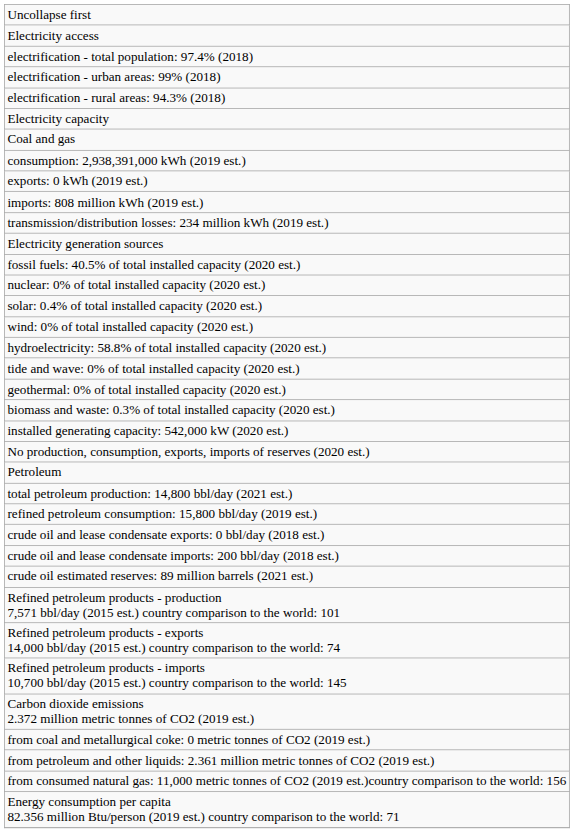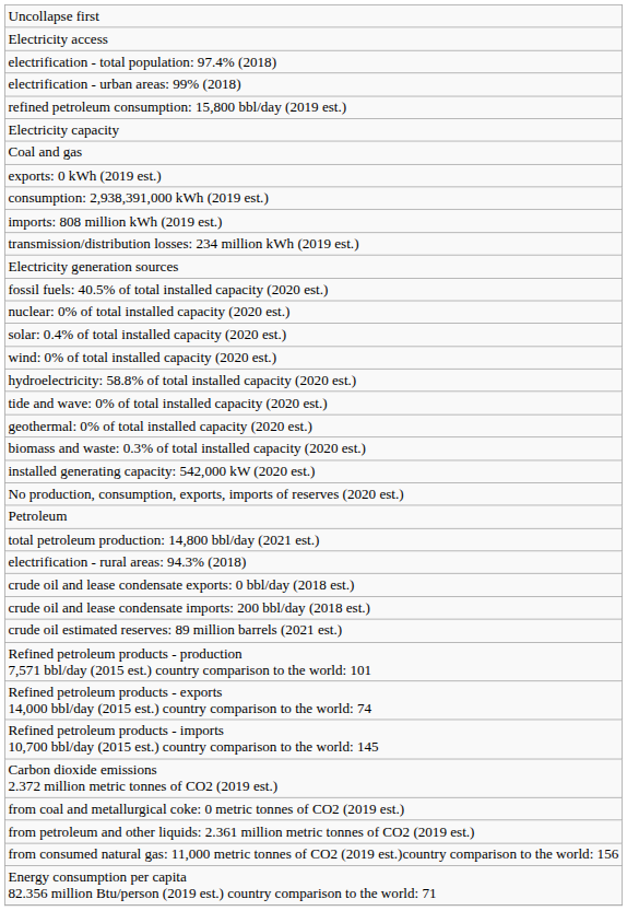 <table class="wikitable sortable mw-collapsible mw-collapsed">
 <tr>
 <td>Uncollapse first</td>
 </tr>
 <tr>
 <td>Electricity access</td>
 </tr>
 <tr>
 <td>electrification - total population: 97.4% (2018)</td>
 </tr>
 <tr>
 <td>electrification - urban areas: 99% (2018)</td>
 </tr>
 <tr>
-<td>electrification - rural areas: 94.3% (2018)</td>
+<td>refined petroleum consumption: 15,800 bbl/day (2019 est.)</td>
 </tr>
 <tr>
 <td>Electricity capacity</td>
 </tr>
 <tr>
 <td>Coal and gas</td>
 </tr>
 <tr>
-<td>consumption: 2,938,391,000 kWh (2019 est.)</td>
+<td>exports: 0 kWh (2019 est.)</td>
 </tr>
 <tr>
-<td>exports: 0 kWh (2019 est.)</td>
+<td>consumption: 2,938,391,000 kWh (2019 est.)</td>
 </tr>
 <tr>
 <td>imports: 808 million kWh (2019 est.)</td>
 </tr>
 <tr>
 <td>transmission/distribution losses: 234 million kWh (2019 est.)</td>
 </tr>
 <tr>
 <td>Electricity generation sources</td>
 </tr>
 <tr>
 <td>fossil fuels: 40.5% of total installed capacity (2020 est.)</td>
 </tr>
 <tr>
 <td>nuclear: 0% of total installed capacity (2020 est.)</td>
 </tr>
 <tr>
 <td>solar: 0.4% of total installed capacity (2020 est.)</td>
 </tr>
 <tr>
 <td>wind: 0% of total installed capacity (2020 est.)</td>
 </tr>
 <tr>
 <td>hydroelectricity: 58.8% of total installed capacity (2020 est.)</td>
 </tr>
 <tr>
 <td>tide and wave: 0% of total installed capacity (2020 est.)</td>
 </tr>
 <tr>
 <td>geothermal: 0% of total installed capacity (2020 est.)</td>
 </tr>
 <tr>
 <td>biomass and waste: 0.3% of total installed capacity (2020 est.)</td>
 </tr>
 <tr>
 <td>installed generating capacity: 542,000 kW (2020 est.)</td>
 </tr>
 <tr>
 <td>No production, consumption, exports, imports of reserves (2020 est.)</td>
 </tr>
 <tr>
 <td>Petroleum</td>
 </tr>
 <tr>
 <td>total petroleum production: 14,800 bbl/day (2021 est.)</td>
 </tr>
 <tr>
-<td>refined petroleum consumption: 15,800 bbl/day (2019 est.)</td>
+<td>electrification - rural areas: 94.3% (2018)</td>
 </tr>
 <tr>
 <td>crude oil and lease condensate exports: 0 bbl/day (2018 est.)</td>
 </tr>
 <tr>
 <td>crude oil and lease condensate imports: 200 bbl/day (2018 est.)</td>
 </tr>
 <tr>
 <td>crude oil estimated reserves: 89 million barrels (2021 est.)</td>
 </tr>
 <tr>
 <td>Refined petroleum products - production<br>7,571 bbl/day (2015 est.) country comparison to the world: 101</td>
 </tr>
 <tr>
 <td>Refined petroleum products - exports<br>14,000 bbl/day (2015 est.) country comparison to the world: 74</td>
 </tr>
 <tr>
 <td>Refined petroleum products - imports<br>10,700 bbl/day (2015 est.) country comparison to the world: 145</td>
 </tr>
 <tr>
 <td>Carbon dioxide emissions<br>2.372 million metric tonnes of CO2 (2019 est.)</td>
 </tr>
 <tr>
 <td>from coal and metallurgical coke: 0 metric tonnes of CO2 (2019 est.)</td>
 </tr>
 <tr>
 <td>from petroleum and other liquids: 2.361 million metric tonnes of CO2 (2019 est.)</td>
 </tr>
 <tr>
 <td>from consumed natural gas: 11,000 metric tonnes of CO2 (2019 est.)country comparison to the world: 156</td>
 </tr>
 <tr>
 <td>Energy consumption per capita<br>82.356 million Btu/person (2019 est.) country comparison to the world: 71</td>
 </tr>
 <tr>
 </tr>
 </table>
